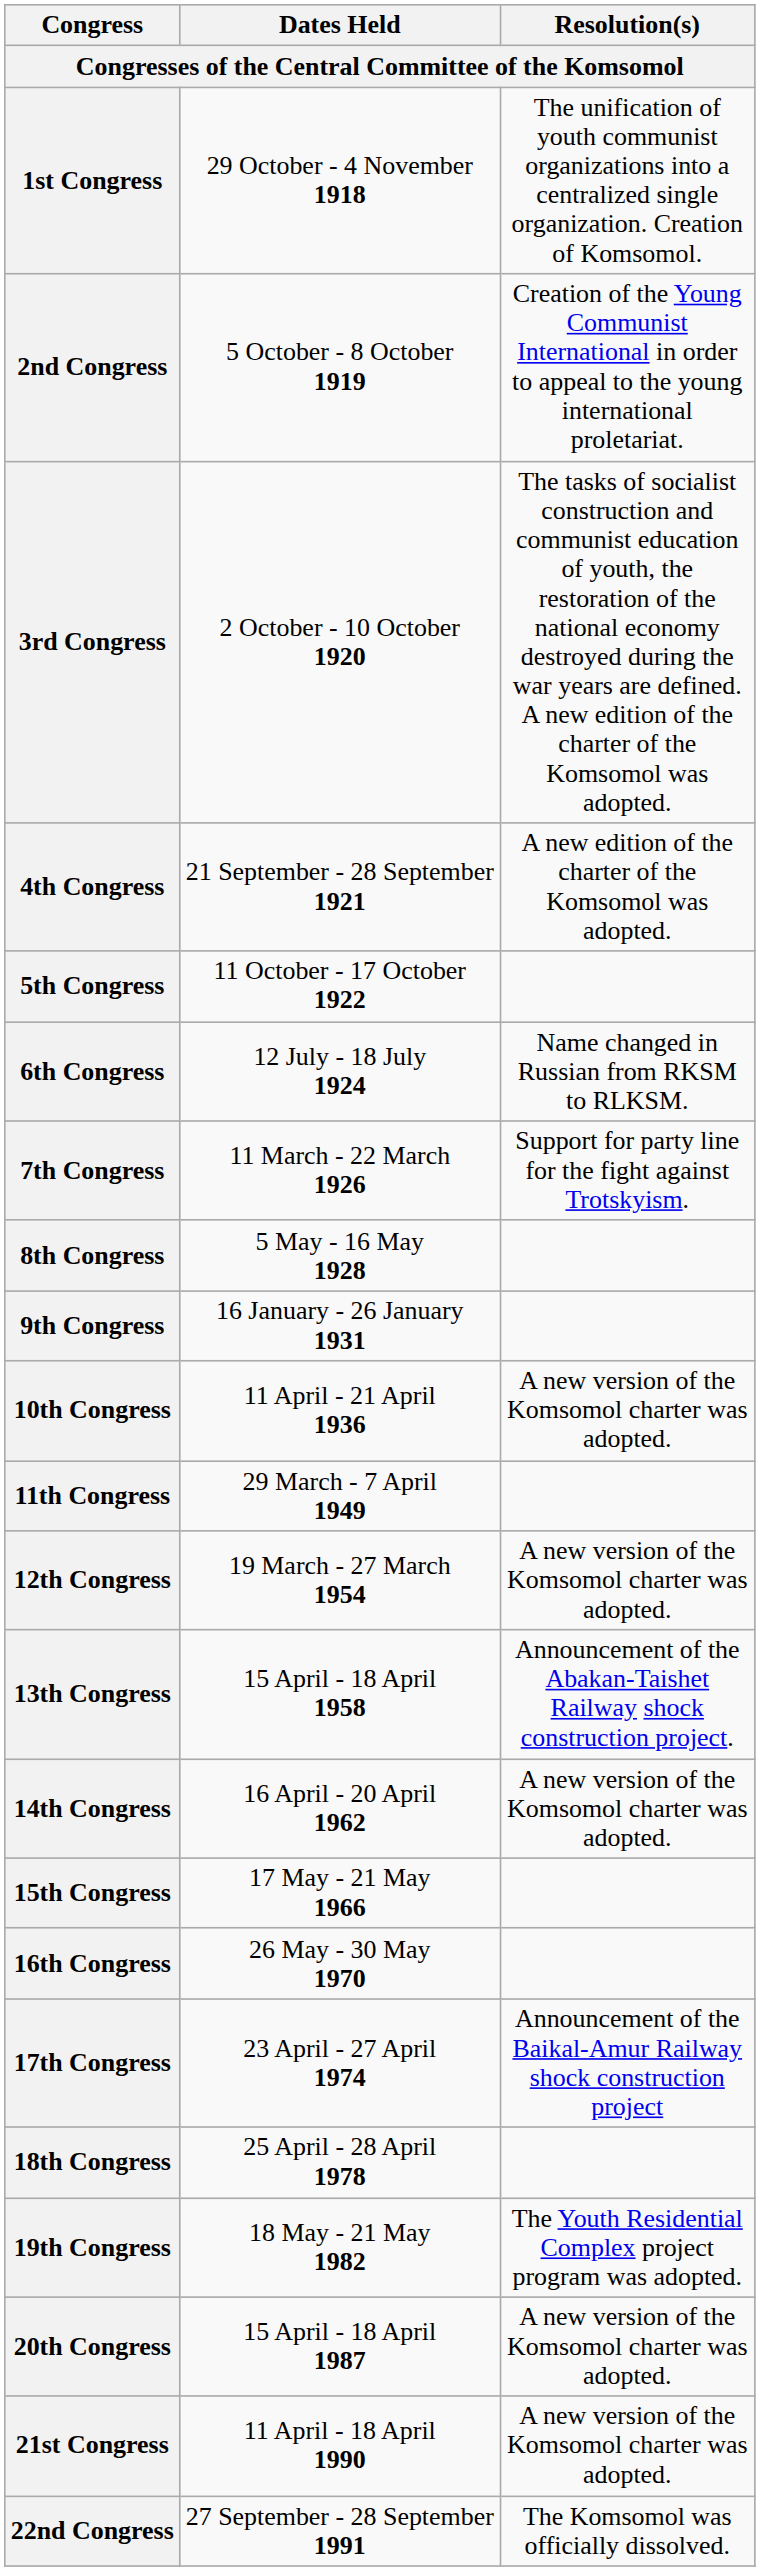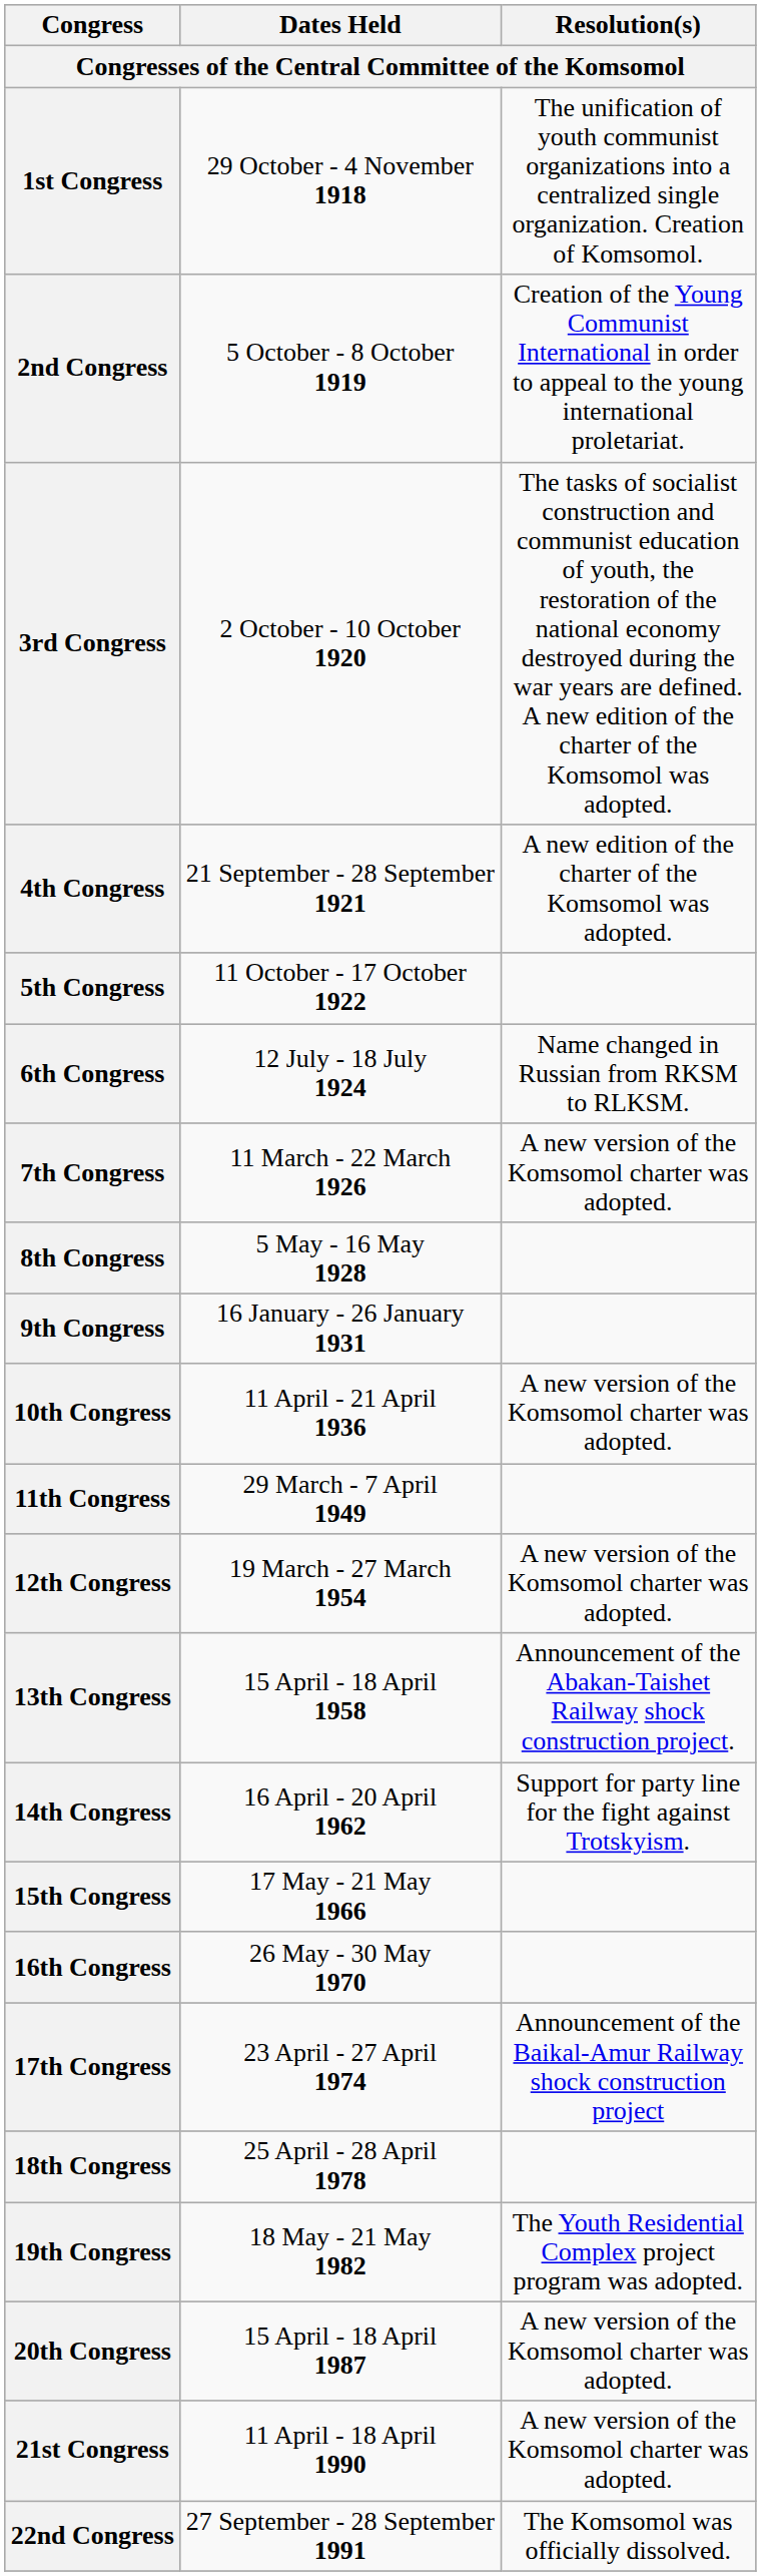 <table class="wikitable" style="text-align:center">
 <tr>
 <th>Congress</th>
 <th>Dates Held</th>
 <th width="150">Resolution(s)</th>
 </tr>
 <tr>
 <th colspan="3" align="center">Congresses of the Central Committee of the Komsomol</th>
 </tr>
 <tr>
 <th>1st Congress</th>
 <td>29 October - 4 November<br><strong>1918</strong></td>
 <td>The unification of youth communist organizations into a centralized single organization. Creation of Komsomol.</td>
 </tr>
 <tr>
 <th>2nd Congress</th>
 <td>5 October - 8 October<br><strong>1919</strong></td>
 <td>Creation of the <a href='#'>Young Communist International</a> in order to appeal to the young international proletariat.</td>
 </tr>
 <tr>
 <th>3rd Congress</th>
 <td>2 October - 10 October<br><strong>1920</strong></td>
 <td>The tasks of socialist construction and communist education of youth, the restoration of the national economy destroyed during the war years are defined. A new edition of the charter of the Komsomol was adopted.</td>
 </tr>
 <tr>
 <th>4th Congress</th>
 <td>21 September - 28 September<br><strong>1921</strong></td>
 <td>A new edition of the charter of the Komsomol was adopted.</td>
 </tr>
 <tr>
 <th>5th Congress</th>
 <td>11 October - 17 October<br><strong>1922</strong></td>
 <td></td>
 </tr>
 <tr>
 <th>6th Congress</th>
 <td>12 July - 18 July<br><strong>1924</strong></td>
 <td>Name changed in Russian from RKSM to RLKSM.</td>
 </tr>
 <tr>
 <th>7th Congress</th>
 <td>11 March - 22 March<br><strong>1926</strong></td>
-<td>Support for party line for the fight against <a href='#'>Trotskyism</a>.</td>
+<td>A new version of the Komsomol charter was adopted.</td>
 </tr>
 <tr>
 <th>8th Congress</th>
 <td>5 May - 16 May<br><strong>1928</strong></td>
 <td></td>
 </tr>
 <tr>
 <th>9th Congress</th>
 <td>16 January - 26 January<br><strong>1931</strong></td>
 <td></td>
 </tr>
 <tr>
 <th>10th Congress</th>
 <td>11 April - 21 April<br><strong>1936</strong></td>
 <td>A new version of the Komsomol charter was adopted.</td>
 </tr>
 <tr>
 <th>11th Congress</th>
 <td>29 March - 7 April<br><strong>1949</strong></td>
 <td></td>
 </tr>
 <tr>
 <th>12th Congress</th>
 <td>19 March - 27 March<br><strong>1954</strong></td>
 <td>A new version of the Komsomol charter was adopted.</td>
 </tr>
 <tr>
 <th>13th Congress</th>
 <td>15 April - 18 April<br><strong>1958</strong></td>
 <td>Announcement of the <a href='#'>Abakan-Taishet Railway</a> <a href='#'>shock construction project</a>.</td>
 </tr>
 <tr>
 <th>14th Congress</th>
 <td>16 April - 20 April<br><strong>1962</strong></td>
-<td>A new version of the Komsomol charter was adopted.</td>
+<td>Support for party line for the fight against <a href='#'>Trotskyism</a>.</td>
 </tr>
 <tr>
 <th>15th Congress</th>
 <td>17 May - 21 May<br><strong>1966</strong></td>
 <td></td>
 </tr>
 <tr>
 <th>16th Congress</th>
 <td>26 May - 30 May<br><strong>1970</strong></td>
 <td></td>
 </tr>
 <tr>
 <th>17th Congress</th>
 <td>23 April - 27 April<br><strong>1974</strong></td>
 <td>Announcement of the <a href='#'>Baikal-Amur Railway</a> <a href='#'>shock construction project</a></td>
 </tr>
 <tr>
 <th>18th Congress</th>
 <td>25 April - 28 April<br><strong>1978</strong></td>
 <td></td>
 </tr>
 <tr>
 <th>19th Congress</th>
 <td>18 May - 21 May<br><strong>1982</strong></td>
 <td>The <a href='#'>Youth Residential Complex</a> project program was adopted.</td>
 </tr>
 <tr>
 <th>20th Congress</th>
 <td>15 April - 18 April<br><strong>1987</strong></td>
 <td>A new version of the Komsomol charter was adopted.</td>
 </tr>
 <tr>
 <th>21st Congress</th>
 <td>11 April - 18 April<br><strong>1990</strong></td>
 <td>A new version of the Komsomol charter was adopted.</td>
 </tr>
 <tr>
 <th>22nd Congress</th>
 <td>27 September - 28 September<br><strong>1991</strong></td>
 <td>The Komsomol was officially dissolved.</td>
 </tr>
 </table>
